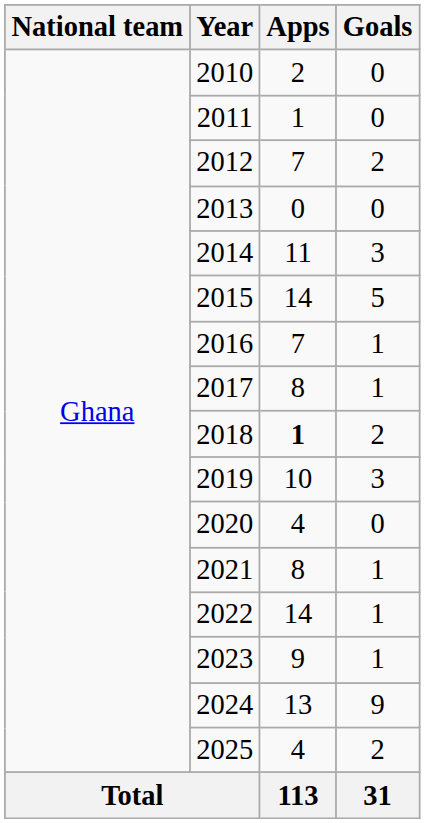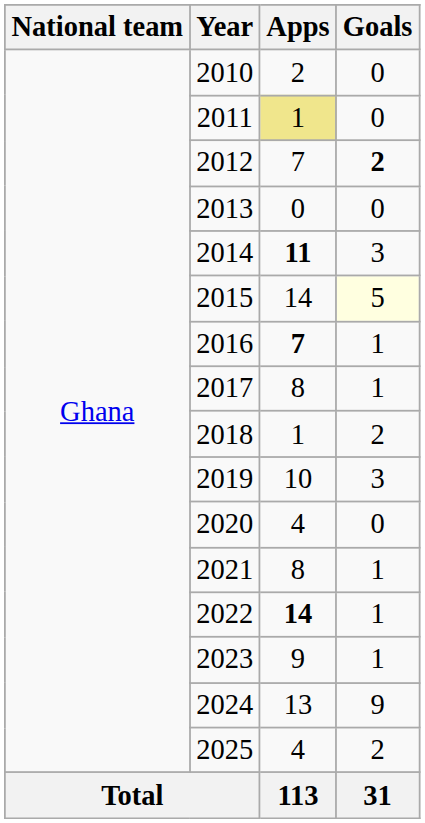 <table class="wikitable" style="text-align:center">
 <tr>
 <th>National team</th>
 <th>Year</th>
 <th>Apps</th>
 <th>Goals</th>
 </tr>
 <tr>
 <td rowspan="16"><a href='#'>Ghana</a></td>
 <td>2010</td>
 <td>2</td>
 <td>0</td>
 </tr>
 <tr>
 <td>2011</td>
-<td>1</td>
+<td style="background: khaki;">1</td>
 <td>0</td>
 </tr>
 <tr>
 <td>2012</td>
 <td>7</td>
-<td>2</td>
+<td><strong>2</strong></td>
 </tr>
 <tr>
 <td>2013</td>
 <td>0</td>
 <td>0</td>
 </tr>
 <tr>
 <td>2014</td>
-<td>11</td>
+<td><strong>11</strong></td>
 <td>3</td>
 </tr>
 <tr>
 <td>2015</td>
 <td>14</td>
-<td>5</td>
+<td style="background: lightyellow;">5</td>
 </tr>
 <tr>
 <td>2016</td>
-<td>7</td>
+<td><strong>7</strong></td>
 <td>1</td>
 </tr>
 <tr>
 <td>2017</td>
 <td>8</td>
 <td>1</td>
 </tr>
 <tr>
 <td>2018</td>
-<td><strong>1</strong></td>
+<td>1</td>
 <td>2</td>
 </tr>
 <tr>
 <td>2019</td>
 <td>10</td>
 <td>3</td>
 </tr>
 <tr>
 <td>2020</td>
 <td>4</td>
 <td>0</td>
 </tr>
 <tr>
 <td>2021</td>
 <td>8</td>
 <td>1</td>
 </tr>
 <tr>
 <td>2022</td>
-<td>14</td>
+<td><strong>14</strong></td>
 <td>1</td>
 </tr>
 <tr>
 <td>2023</td>
 <td>9</td>
 <td>1</td>
 </tr>
 <tr>
 <td>2024</td>
 <td>13</td>
 <td>9</td>
 </tr>
 <tr>
 <td>2025</td>
 <td>4</td>
 <td>2</td>
 </tr>
 <tr>
 <th colspan="2">Total</th>
 <th>113</th>
 <th>31</th>
 </tr>
 </table>
